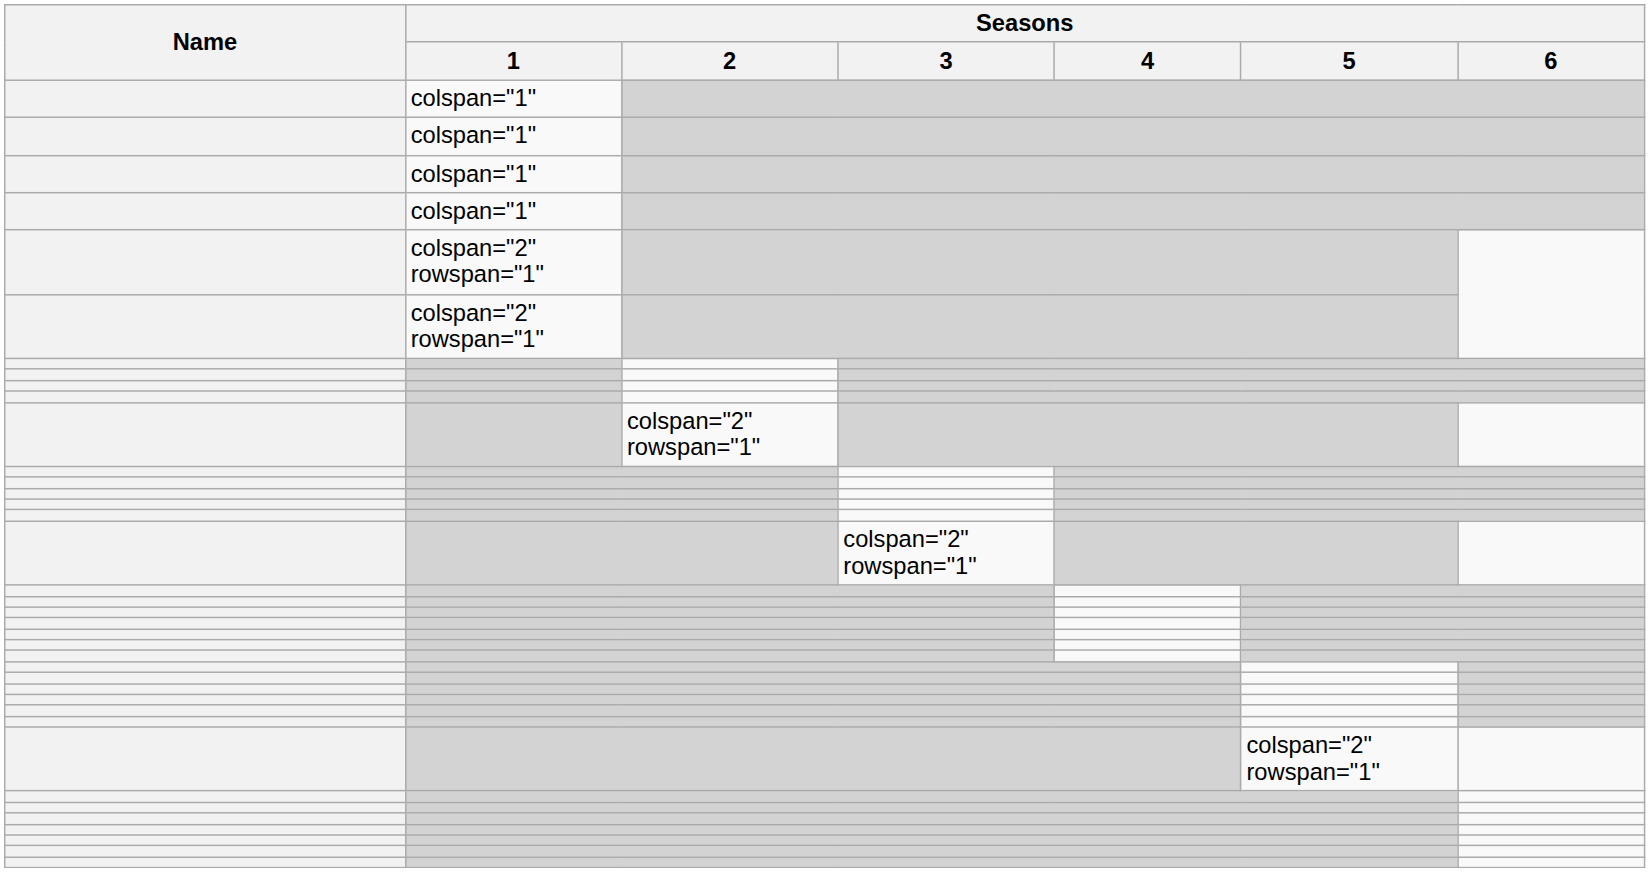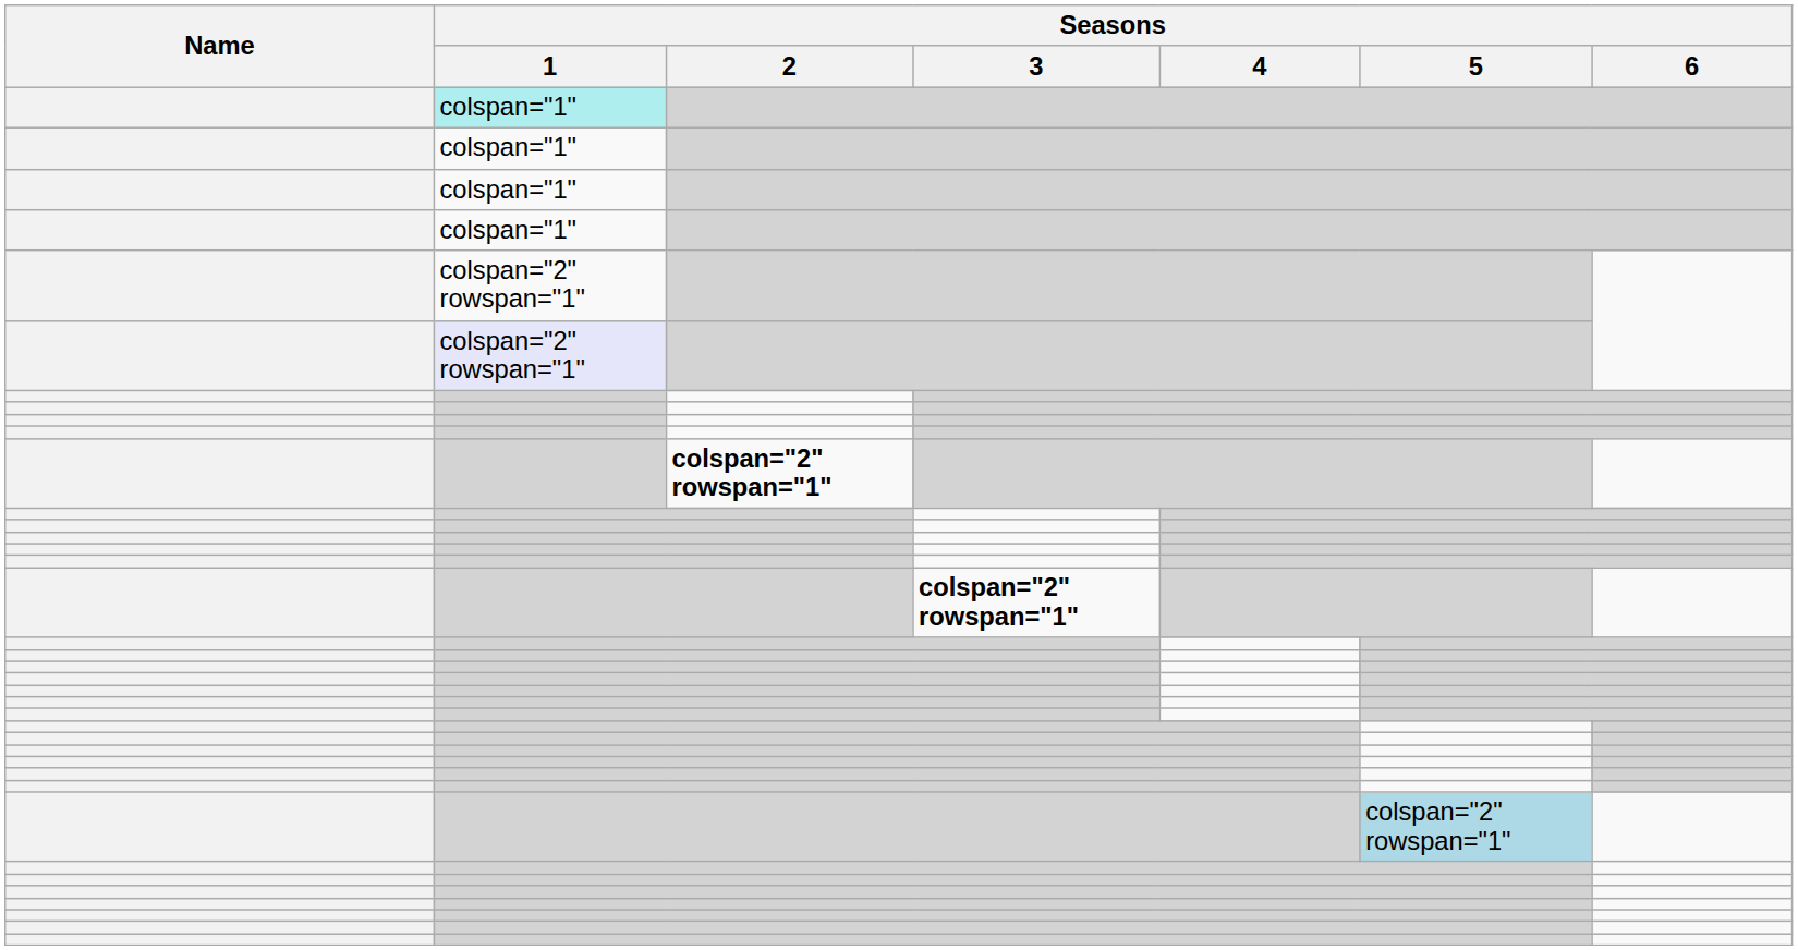 <table class="wikitable plainrowheaders" width="70%">
 <tr>
 <th scope="col" rowspan="2" style="width:15%;">Name</th>
 <th scope="col" colspan="6">Seasons</th>
 </tr>
 <tr>
 <th scope="col" style="width:7%;">1</th>
 <th scope="col" style="width:7%;">2</th>
 <th scope="col" style="width:7%;">3</th>
 <th scope="col" style="width:7%;">4</th>
 <th scope="col" style="width:7%;">5</th>
 <th scope="col" style="width:7%;">6</th>
 </tr>
 <tr>
 <th scope="row"></th>
-<td>colspan="1" </td>
+<td style="background: paleturquoise;">colspan="1" </td>
 <td colspan="5" style="background: #D3D3D3"></td>
 </tr>
 <tr>
 <th scope="row"></th>
 <td>colspan="1" </td>
 <td colspan="5" style="background: #D3D3D3"></td>
 </tr>
 <tr>
 <th scope="row"></th>
 <td>colspan="1" </td>
 <td colspan="5" style="background: #D3D3D3"></td>
 </tr>
 <tr>
 <th scope="row"></th>
 <td>colspan="1" </td>
 <td colspan="5" style="background: #D3D3D3"></td>
 </tr>
 <tr>
 <th scope="row"></th>
 <td>colspan="2" rowspan="1" </td>
 <td colspan="4" style="background: #D3D3D3"></td>
 </tr>
 <tr>
 <th scope="row"></th>
-<td>colspan="2" rowspan="1" </td>
+<td style="background: lavender;">colspan="2" rowspan="1" </td>
 <td colspan="4" style="background: #D3D3D3"></td>
 </tr>
 <tr>
 <th scope="row"></th>
 <td colspan="1" style="background: #D3D3D3"></td>
 <td></td>
 <td colspan="4" style="background: #D3D3D3"></td>
 </tr>
 <tr>
 <th scope="row"></th>
 <td colspan="1" style="background: #D3D3D3"></td>
 <td></td>
 <td colspan="4" style="background: #D3D3D3"></td>
 </tr>
 <tr>
 <th scope="row"></th>
 <td colspan="1" style="background: #D3D3D3"></td>
 <td></td>
 <td colspan="4" style="background: #D3D3D3"></td>
 </tr>
 <tr>
 <th scope="row"></th>
 <td colspan="1" style="background: #D3D3D3"></td>
 <td></td>
 <td colspan="4" style="background: #D3D3D3"></td>
 </tr>
 <tr>
 <th scope="row"></th>
 <td colspan="1" style="background:#D3D3D3"></td>
-<td>colspan="2" rowspan="1" </td>
+<td><strong>colspan="2" rowspan="1" </strong></td>
 <td colspan="3" style="background: #D3D3D3"></td>
 </tr>
 <tr>
 <th scope="row"></th>
 <td colspan="2" style="background:#D3D3D3"></td>
 <td></td>
 <td colspan="3" style="background: #D3D3D3"></td>
 </tr>
 <tr>
 <th scope="row"></th>
 <td colspan="2" style="background:#D3D3D3"></td>
 <td></td>
 <td colspan="3" style="background: #D3D3D3"></td>
 </tr>
 <tr>
 <th scope="row"></th>
 <td colspan="2" style="background:#D3D3D3"></td>
 <td></td>
 <td colspan="3" style="background: #D3D3D3"></td>
 </tr>
 <tr>
 <th scope="row"></th>
 <td colspan="2" style="background:#D3D3D3"></td>
 <td></td>
 <td colspan="3" style="background: #D3D3D3"></td>
 </tr>
 <tr>
 <th scope="row"></th>
 <td colspan="2" style="background:#D3D3D3"></td>
 <td></td>
 <td colspan="3" style="background: #D3D3D3"></td>
 </tr>
 <tr>
 <th scope="row"></th>
 <td colspan="2" style="background:#D3D3D3"></td>
-<td>colspan="2" rowspan="1" </td>
+<td><strong>colspan="2" rowspan="1" </strong></td>
 <td colspan="2" style="background: #D3D3D3"></td>
 </tr>
 <tr>
 <th scope="row"></th>
 <td colspan="3" style="background:#D3D3D3"></td>
 <td></td>
 <td colspan="2" style="background: #D3D3D3"></td>
 </tr>
 <tr>
 <th scope="row"></th>
 <td colspan="3" style="background:#D3D3D3"></td>
 <td></td>
 <td colspan="2" style="background: #D3D3D3"></td>
 </tr>
 <tr>
 <th scope="row"></th>
 <td colspan="3" style="background:#D3D3D3"></td>
 <td></td>
 <td colspan="2" style="background: #D3D3D3"></td>
 </tr>
 <tr>
 <th scope="row"></th>
 <td colspan="3" style="background:#D3D3D3"></td>
 <td></td>
 <td colspan="2" style="background: #D3D3D3"></td>
 </tr>
 <tr>
 <th scope="row"></th>
 <td colspan="3" style="background:#D3D3D3"></td>
 <td></td>
 <td colspan="2" style="background: #D3D3D3"></td>
 </tr>
 <tr>
 <th scope="row"></th>
 <td colspan="3" style="background:#D3D3D3"></td>
 <td></td>
 <td colspan="2" style="background: #D3D3D3"></td>
 </tr>
 <tr>
 <th scope="row"></th>
 <td colspan="3" style="background:#D3D3D3"></td>
 <td></td>
 <td colspan="2" style="background: #D3D3D3"></td>
 </tr>
 <tr>
 <th scope="row"></th>
 <td colspan="4" style="background:#D3D3D3"></td>
 <td></td>
 <td colspan="1" style="background: #D3D3D3"></td>
 </tr>
 <tr>
 <th scope="row"></th>
 <td colspan="4" style="background:#D3D3D3"></td>
 <td></td>
 <td colspan="1" style="background: #D3D3D3"></td>
 </tr>
 <tr>
 <th scope="row"></th>
 <td colspan="4" style="background:#D3D3D3"></td>
 <td></td>
 <td colspan="1" style="background: #D3D3D3"></td>
 </tr>
 <tr>
 <th scope="row"></th>
 <td colspan="4" style="background:#D3D3D3"></td>
 <td></td>
 <td colspan="1" style="background: #D3D3D3"></td>
 </tr>
 <tr>
 <th scope="row"></th>
 <td colspan="4" style="background:#D3D3D3"></td>
 <td></td>
 <td colspan="1" style="background: #D3D3D3"></td>
 </tr>
 <tr>
 <th scope="row"></th>
 <td colspan="4" style="background:#D3D3D3"></td>
 <td></td>
 <td colspan="1" style="background: #D3D3D3"></td>
 </tr>
 <tr>
 <th scope="row"></th>
 <td colspan="4" style="background:#D3D3D3"></td>
-<td>colspan="2" rowspan="1" </td>
+<td style="background: lightblue;">colspan="2" rowspan="1" </td>
 </tr>
 <tr>
 <th scope="row"></th>
 <td colspan="5" style="background:#D3D3D3"></td>
 <td></td>
 </tr>
 <tr>
 <th scope="row"></th>
 <td colspan="5" style="background:#D3D3D3"></td>
 <td></td>
 </tr>
 <tr>
 <th scope="row"></th>
 <td colspan="5" style="background:#D3D3D3"></td>
 <td></td>
 </tr>
 <tr>
 <th scope="row"></th>
 <td colspan="5" style="background:#D3D3D3"></td>
 <td></td>
 </tr>
 <tr>
 <th scope="row"></th>
 <td colspan="5" style="background:#D3D3D3"></td>
 <td></td>
 </tr>
 <tr>
 <th scope="row"></th>
 <td colspan="5" style="background:#D3D3D3"></td>
 <td></td>
 </tr>
 <tr>
 <th scope="row"></th>
 <td colspan="5" style="background:#D3D3D3"></td>
 <td></td>
 </tr>
 </table>
